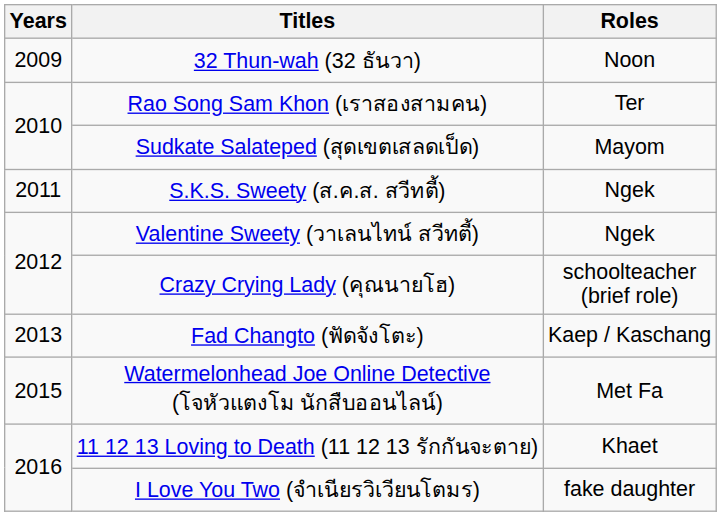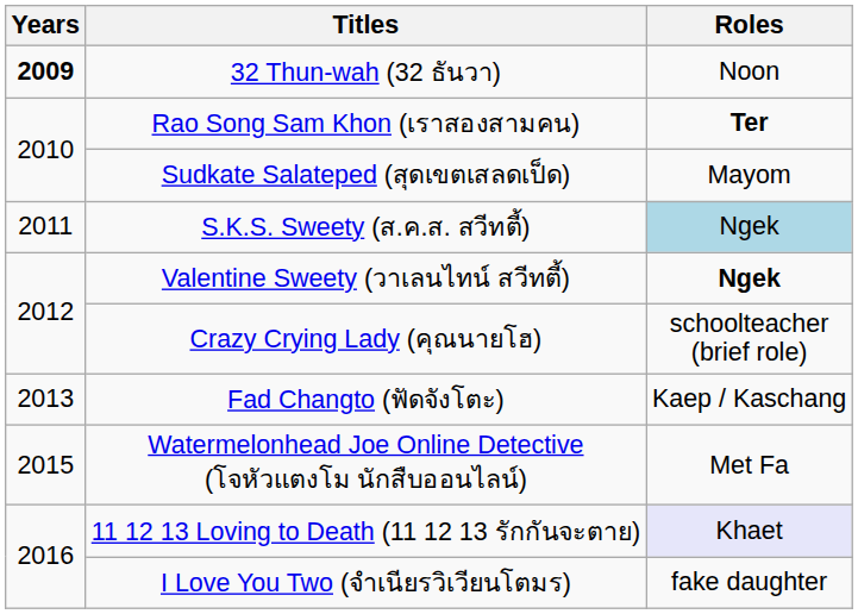 <table class="wikitable">
 <tr>
 <th>Years</th>
 <th>Titles</th>
 <th>Roles</th>
 </tr>
 <tr>
-<td rowspan = "1" align = "center">2009</td>
+<td rowspan = "1" align = "center"><strong>2009</strong></td>
 <td align = "center"><a href='#'>32 Thun-wah</a> (32 ธันวา)</td>
 <td align = "center">Noon</td>
 </tr>
 <tr>
 <td rowspan = "2" align = "center">2010</td>
 <td align = "center"><a href='#'>Rao Song Sam Khon</a> (เราสองสามคน)</td>
-<td align = "center">Ter</td>
+<td align = "center"><strong>Ter</strong></td>
 </tr>
 <tr>
 <td align = "center"><a href='#'>Sudkate Salateped</a> (สุดเขตเสลดเป็ด)</td>
 <td align = "center">Mayom</td>
 </tr>
 <tr>
 <td rowspan = "1" align = "center">2011</td>
 <td align = "center"><a href='#'>S.K.S. Sweety</a> (ส.ค.ส. สวีทตี้)</td>
-<td align = "center">Ngek</td>
+<td align = "center" style="background: lightblue;">Ngek</td>
 </tr>
 <tr>
 <td rowspan = "2" align = "center">2012</td>
 <td align = "center"><a href='#'>Valentine Sweety</a> (วาเลนไทน์ สวีทตี้)</td>
-<td align = "center">Ngek</td>
+<td align = "center"><strong>Ngek</strong></td>
 </tr>
 <tr>
 <td align = "center"><a href='#'>Crazy Crying Lady</a> (คุณนายโฮ)</td>
 <td align = "center">schoolteacher<br>(brief role)</td>
 </tr>
 <tr>
 <td rowspan = "1" align = "center">2013</td>
 <td align = "center"><a href='#'>Fad Changto</a> (ฟัดจังโตะ)</td>
 <td align = "center">Kaep / Kaschang</td>
 </tr>
 <tr>
 <td rowspan = "1" align = "center">2015</td>
 <td align = "center"><a href='#'>Watermelonhead Joe Online Detective</a> <br>(โจหัวแตงโม นักสืบออนไลน์)</td>
 <td align = "center">Met Fa</td>
 </tr>
 <tr>
 <td rowspan = "2" align = "center">2016</td>
 <td align = "center"><a href='#'>11 12 13 Loving to Death</a> (11 12 13 รักกันจะตาย)</td>
-<td align = "center">Khaet</td>
+<td align = "center" style="background: lavender;">Khaet</td>
 </tr>
 <tr>
 <td align = "center"><a href='#'>I Love You Two</a> (จำเนียรวิเวียนโตมร)</td>
 <td align = "center">fake daughter</td>
 </tr>
 </table>
